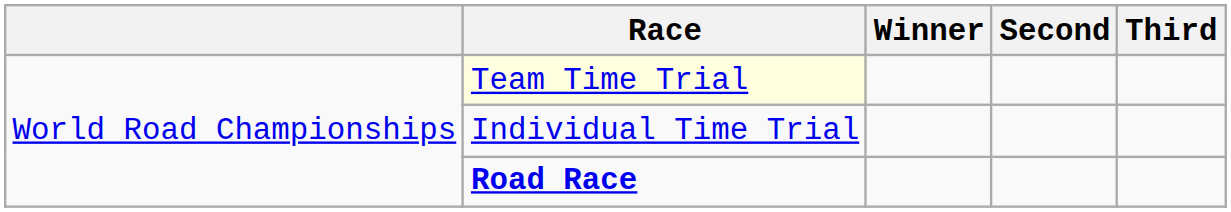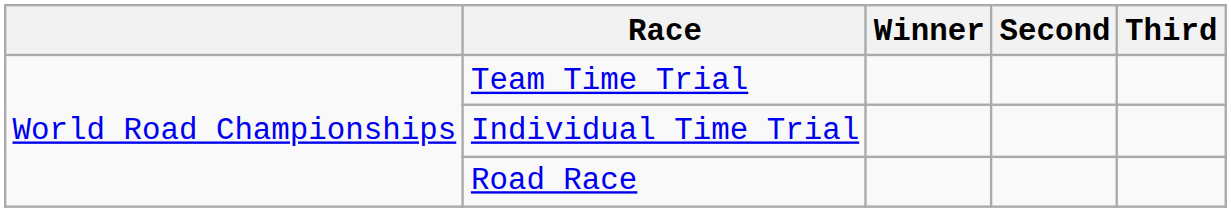 <table class="wikitable sortable">
 <tr>
 <th></th>
 <th>Race</th>
 <th>Winner</th>
 <th>Second</th>
 <th>Third</th>
 </tr>
 <tr>
 <td rowspan=4><a href='#'>World Road Championships</a></td>
-<td rowspan=1 style="background: lightyellow;"><a href='#'>Team Time Trial</a></td>
+<td rowspan=1><a href='#'>Team Time Trial</a></td>
 <td></td>
 <td></td>
 <td></td>
 </tr>
 <tr>
 <td><a href='#'>Individual Time Trial</a></td>
 <td></td>
 <td></td>
 <td></td>
 </tr>
 <tr>
-<td><strong><a href='#'>Road Race</a></strong></td>
+<td><a href='#'>Road Race</a></td>
 <td></td>
 <td></td>
 <td></td>
 </tr>
 </table>
